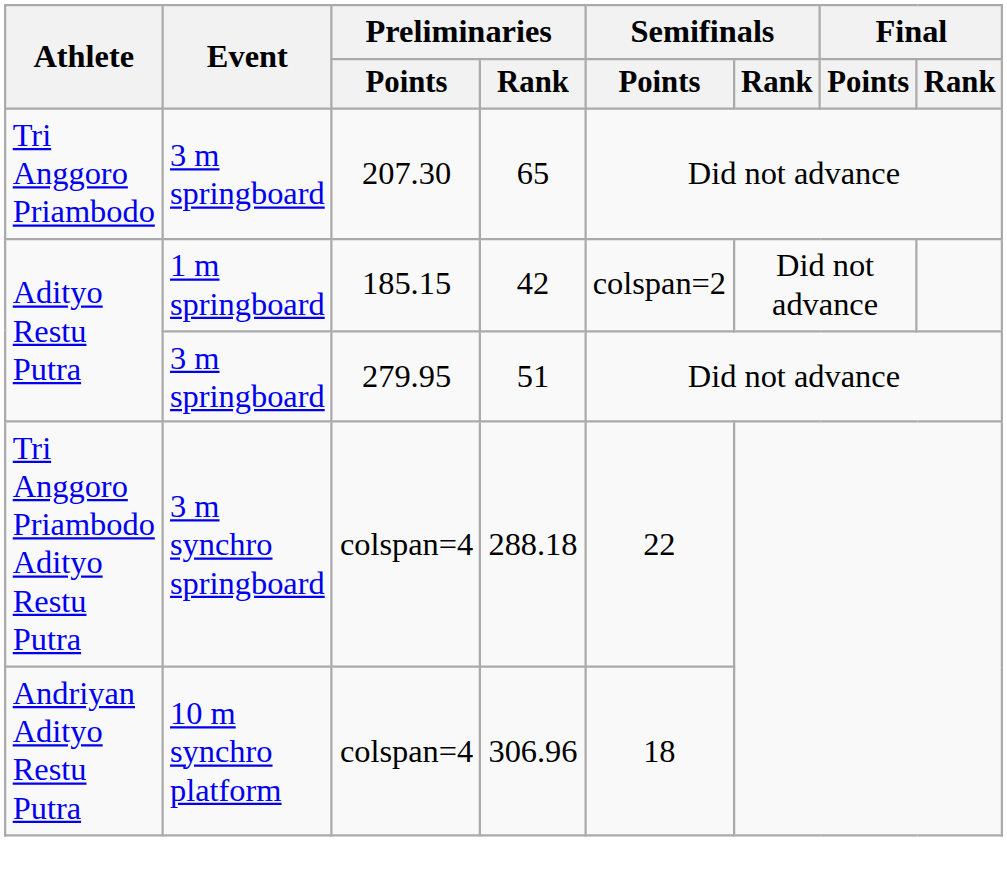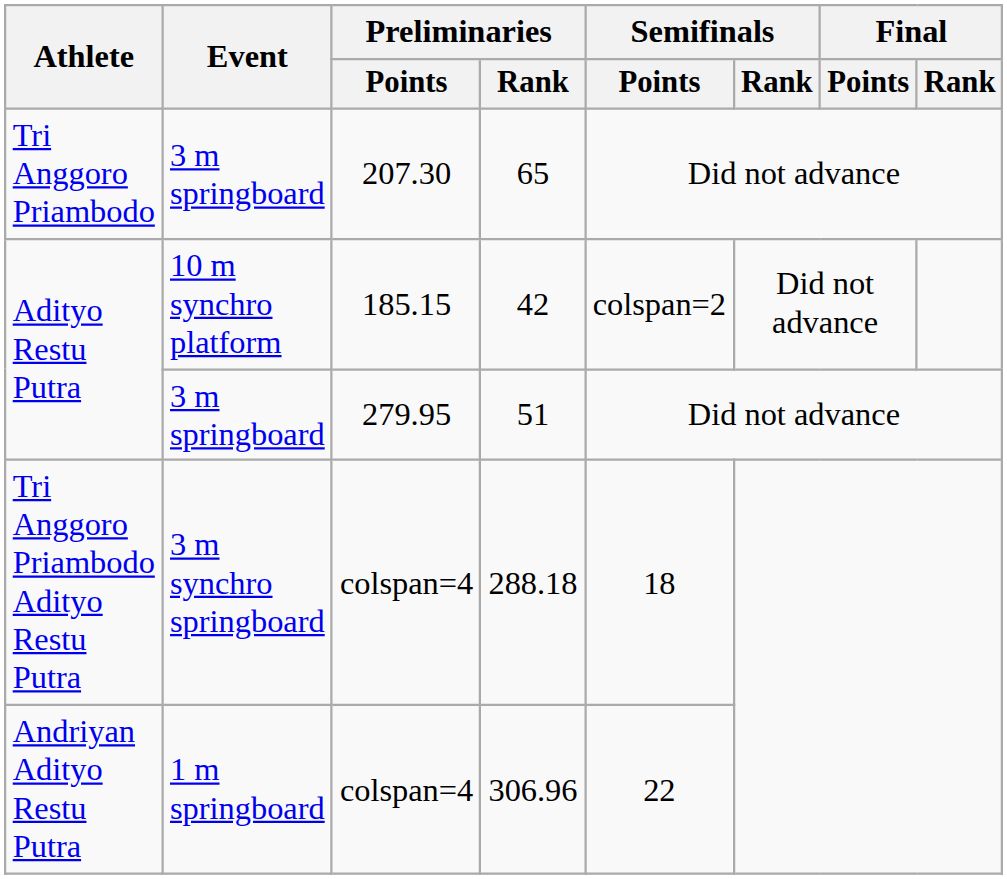 <table class="wikitable" style="text-align:center; font-size:90%; width:50%;">
 <tr>
 <th rowspan=2>Athlete</th>
 <th rowspan=2>Event</th>
 <th colspan=2>Preliminaries</th>
 <th colspan=2>Semifinals</th>
 <th colspan=2>Final</th>
 </tr>
 <tr style="font-size:95%">
 <th>Points</th>
 <th>Rank</th>
 <th>Points</th>
 <th>Rank</th>
 <th>Points</th>
 <th>Rank</th>
 </tr>
 <tr>
 <td align=left><a href='#'>Tri Anggoro Priambodo</a></td>
 <td align=left><a href='#'>3 m springboard</a></td>
 <td>207.30</td>
 <td>65</td>
 <td colspan=4>Did not advance</td>
 </tr>
 <tr>
 <td align=left rowspan=2><a href='#'>Adityo Restu Putra</a></td>
-<td align=left><a href='#'>1 m springboard</a></td>
+<td align=left><a href='#'>10 m synchro platform</a></td>
 <td>185.15</td>
 <td>42</td>
 <td>colspan=2 </td>
 <td colspan=2>Did not advance</td>
 </tr>
 <tr>
 <td align=left><a href='#'>3 m springboard</a></td>
 <td>279.95</td>
 <td>51</td>
 <td colspan=4>Did not advance</td>
 </tr>
 <tr>
 <td align=left><a href='#'>Tri Anggoro Priambodo</a><br><a href='#'>Adityo Restu Putra</a></td>
 <td align=left><a href='#'>3 m synchro springboard</a></td>
 <td>colspan=4 </td>
 <td>288.18</td>
-<td>22</td>
+<td>18</td>
 </tr>
 <tr>
 <td align=left><a href='#'>Andriyan</a><br> <a href='#'>Adityo Restu Putra</a></td>
-<td align=left><a href='#'>10 m synchro platform</a></td>
+<td align=left><a href='#'>1 m springboard</a></td>
 <td>colspan=4 </td>
 <td>306.96</td>
-<td>18</td>
+<td>22</td>
 </tr>
 </table>
